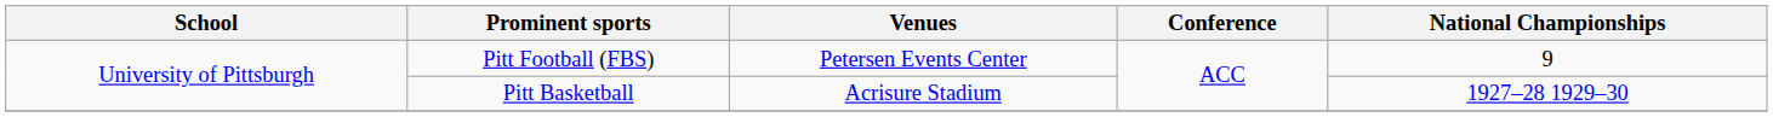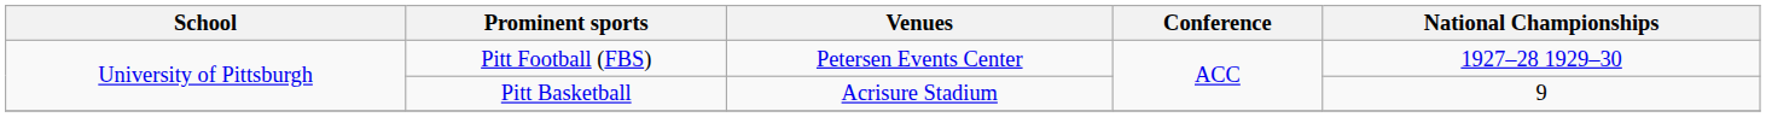 <table class="wikitable" style="margin:0 auto; text-align:center; width:100%;">
 <tr>
 <th>School</th>
 <th>Prominent sports</th>
 <th>Venues</th>
 <th>Conference</th>
 <th>National Championships</th>
 </tr>
 <tr>
 <td rowspan="2"><a href='#'>University of Pittsburgh</a></td>
 <td><a href='#'>Pitt Football</a> (<a href='#'>FBS</a>)</td>
 <td><a href='#'>Petersen Events Center</a></td>
 <td rowspan="2"><a href='#'>ACC</a></td>
-<td>9</td>
+<td><a href='#'>1927–28 1929–30</a></td>
 </tr>
 <tr>
 <td><a href='#'>Pitt Basketball</a></td>
 <td><a href='#'>Acrisure Stadium</a></td>
-<td><a href='#'>1927–28 1929–30</a></td>
+<td>9</td>
 </tr>
 <tr>
 </tr>
 </table>
